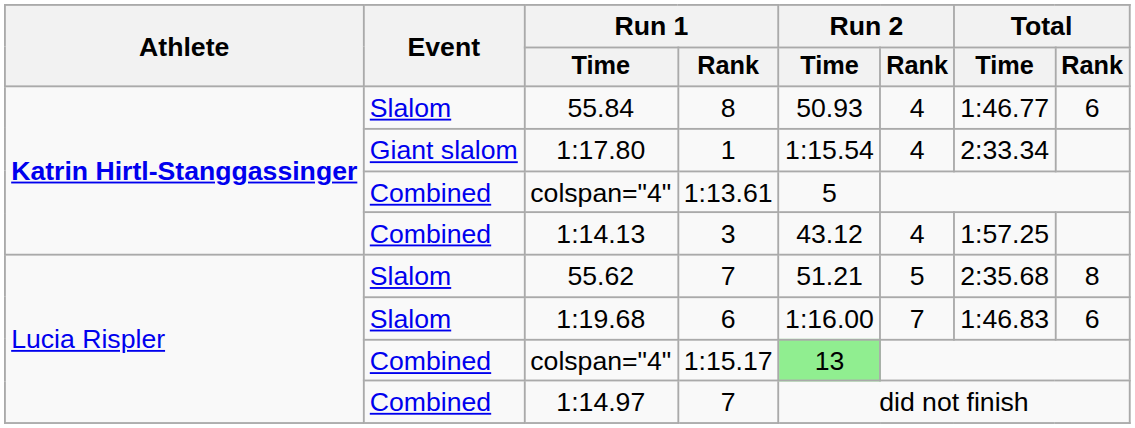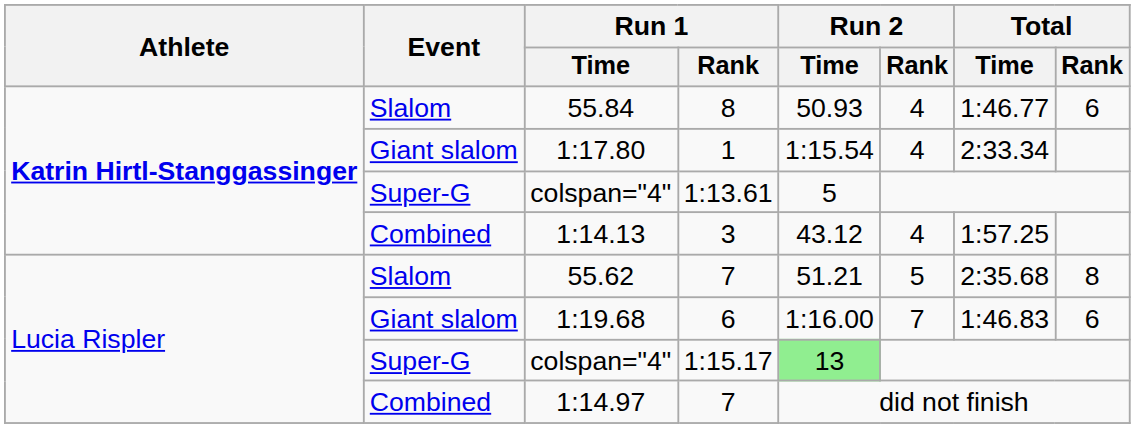 <table class="wikitable" style="font-size:90%">
 <tr>
 <th rowspan=2>Athlete</th>
 <th rowspan=2>Event</th>
 <th colspan=2>Run 1</th>
 <th colspan=2>Run 2</th>
 <th colspan=2>Total</th>
 </tr>
 <tr style="font-size:95%">
 <th>Time</th>
 <th>Rank</th>
 <th>Time</th>
 <th>Rank</th>
 <th>Time</th>
 <th>Rank</th>
 </tr>
 <tr align=center>
 <td align="left" rowspan="4"><strong><a href='#'>Katrin Hirtl-Stanggassinger</a></strong></td>
 <td align="left"><a href='#'>Slalom</a></td>
 <td>55.84</td>
 <td>8</td>
 <td>50.93</td>
 <td>4</td>
 <td>1:46.77</td>
 <td>6</td>
 </tr>
 <tr align=center>
 <td align="left"><a href='#'>Giant slalom</a></td>
 <td>1:17.80</td>
 <td>1</td>
 <td>1:15.54</td>
 <td>4</td>
 <td>2:33.34</td>
 <td></td>
 </tr>
 <tr align=center>
-<td align="left"><a href='#'>Combined</a></td>
+<td align="left"><a href='#'>Super-G</a></td>
 <td>colspan="4" </td>
 <td>1:13.61</td>
 <td>5</td>
 </tr>
 <tr align=center>
 <td align="left"><a href='#'>Combined</a></td>
 <td>1:14.13</td>
 <td>3</td>
 <td>43.12</td>
 <td>4</td>
 <td>1:57.25</td>
 <td></td>
 </tr>
 <tr align=center>
 <td align="left" rowspan="4"><a href='#'>Lucia Rispler</a></td>
 <td align="left"><a href='#'>Slalom</a></td>
 <td>55.62</td>
 <td>7</td>
 <td>51.21</td>
 <td>5</td>
 <td>2:35.68</td>
 <td>8</td>
 </tr>
 <tr align=center>
-<td align="left"><a href='#'>Slalom</a></td>
+<td align="left"><a href='#'>Giant slalom</a></td>
 <td>1:19.68</td>
 <td>6</td>
 <td>1:16.00</td>
 <td>7</td>
 <td>1:46.83</td>
 <td>6</td>
 </tr>
 <tr align=center>
-<td align="left"><a href='#'>Combined</a></td>
+<td align="left"><a href='#'>Super-G</a></td>
 <td>colspan="4" </td>
 <td>1:15.17</td>
 <td style="background: lightgreen;">13</td>
 </tr>
 <tr align=center>
 <td align="left"><a href='#'>Combined</a></td>
 <td>1:14.97</td>
 <td>7</td>
 <td colspan=4>did not finish</td>
 </tr>
 </table>
